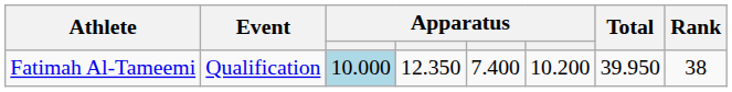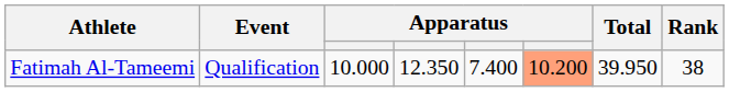 <table class="wikitable" style="font-size:90%">
 <tr>
 <th rowspan=2>Athlete</th>
 <th rowspan=2>Event</th>
 <th colspan =4>Apparatus</th>
 <th rowspan=2>Total</th>
 <th rowspan=2>Rank</th>
 </tr>
 <tr style="font-size:95%">
 <th></th>
 <th></th>
 <th></th>
 <th></th>
 </tr>
 <tr align=center>
 <td align=left><a href='#'>Fatimah Al-Tameemi</a></td>
 <td align=left><a href='#'>Qualification</a></td>
-<td style="background: lightblue;">10.000</td>
+<td>10.000</td>
 <td>12.350</td>
 <td>7.400</td>
-<td>10.200</td>
+<td style="background: lightsalmon;">10.200</td>
 <td>39.950</td>
 <td>38</td>
 </tr>
 </table>
